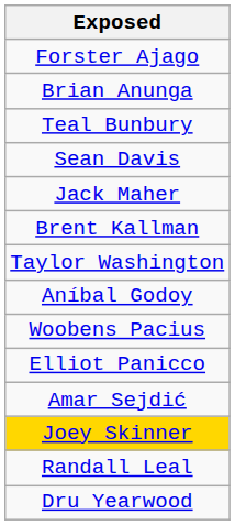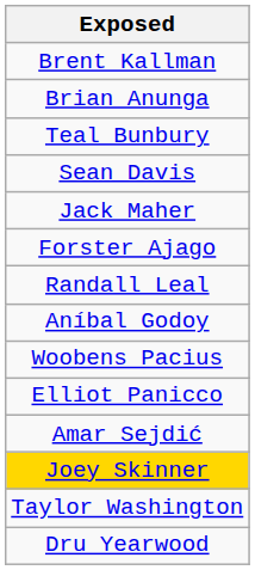 <table class="wikitable" style="text-align:center">
 <tr>
 <th>Exposed</th>
 </tr>
 <tr>
-<td><a href='#'>Forster Ajago</a></td>
+<td><a href='#'>Brent Kallman</a></td>
 </tr>
 <tr>
 <td><a href='#'>Brian Anunga</a></td>
 </tr>
 <tr>
 <td><a href='#'>Teal Bunbury</a></td>
 </tr>
 <tr>
 <td><a href='#'>Sean Davis</a></td>
 </tr>
 <tr>
 <td><a href='#'>Jack Maher</a></td>
 </tr>
 <tr>
-<td><a href='#'>Brent Kallman</a></td>
+<td><a href='#'>Forster Ajago</a></td>
 </tr>
 <tr>
-<td><a href='#'>Taylor Washington</a></td>
+<td><a href='#'>Randall Leal</a></td>
 </tr>
 <tr>
 <td><a href='#'>Aníbal Godoy</a></td>
 </tr>
 <tr>
 <td><a href='#'>Woobens Pacius</a></td>
 </tr>
 <tr>
 <td><a href='#'>Elliot Panicco</a></td>
 </tr>
 <tr>
 <td><a href='#'>Amar Sejdić</a></td>
 </tr>
 <tr>
 <td style="background: gold;"><a href='#'>Joey Skinner</a></td>
 </tr>
 <tr>
-<td><a href='#'>Randall Leal</a></td>
+<td><a href='#'>Taylor Washington</a></td>
 </tr>
 <tr>
 <td><a href='#'>Dru Yearwood</a></td>
 </tr>
 </table>
